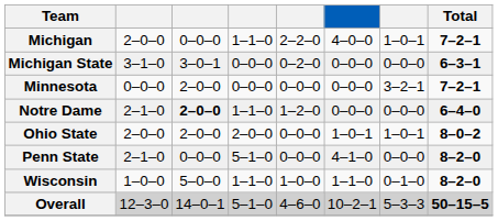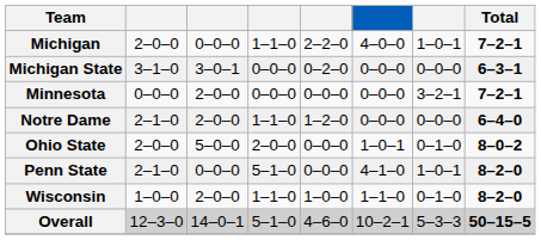 <table class="wikitable" style="text-align: center;">
 <tr>
 <th>Team</th>
 <th><a href='#'></a></th>
 <th><a href='#'></a></th>
 <th><a href='#'></a></th>
 <th><a href='#'></a></th>
 <th style="color:white; background:#005EB8"><a href='#'></a></th>
 <th><a href='#'></a></th>
 <th>Total</th>
 </tr>
 <tr>
 <th>Michigan</th>
 <td>2–0–0</td>
 <td>0–0–0</td>
 <td>1–1–0</td>
 <td>2–2–0</td>
 <td>4–0–0</td>
 <td>1–0–1</td>
 <td><strong>7–2–1</strong></td>
 </tr>
 <tr bgcolor=f0f0f0>
 <th>Michigan State</th>
 <td>3–1–0</td>
 <td>3–0–1</td>
 <td>0–0–0</td>
 <td>0–2–0</td>
 <td>0–0–0</td>
 <td>0–0–0</td>
 <td><strong>6–3–1</strong></td>
 </tr>
 <tr>
 <th>Minnesota</th>
 <td>0–0–0</td>
 <td>2–0–0</td>
 <td>0–0–0</td>
 <td>0–0–0</td>
 <td>0–0–0</td>
 <td>3–2–1</td>
 <td><strong>7–2–1</strong></td>
 </tr>
 <tr bgcolor=f0f0f0>
 <th>Notre Dame</th>
 <td>2–1–0</td>
-<td><strong>2–0–0</strong></td>
+<td>2–0–0</td>
 <td>1–1–0</td>
 <td>1–2–0</td>
 <td>0–0–0</td>
 <td>0–0–0</td>
 <td><strong>6–4–0</strong></td>
 </tr>
 <tr>
 <th>Ohio State</th>
 <td>2–0–0</td>
-<td>2–0–0</td>
+<td>5–0–0</td>
 <td>2–0–0</td>
 <td>0–0–0</td>
 <td>1–0–1</td>
-<td>1–0–1</td>
+<td>0–1–0</td>
 <td><strong>8–0–2</strong></td>
 </tr>
 <tr bgcolor=f0f0f0>
 <th>Penn State</th>
 <td>2–1–0</td>
 <td>0–0–0</td>
 <td>5–1–0</td>
 <td>0–0–0</td>
 <td>4–1–0</td>
-<td>0–0–0</td>
+<td>1–0–1</td>
 <td><strong>8–2–0</strong></td>
 </tr>
 <tr>
 <th>Wisconsin</th>
 <td>1–0–0</td>
-<td>5–0–0</td>
+<td>2–0–0</td>
 <td>1–1–0</td>
 <td>1–0–0</td>
 <td>1–1–0</td>
 <td>0–1–0</td>
 <td><strong>8–2–0</strong></td>
 </tr>
 <tr bgcolor=d0d0d0>
 <th>Overall</th>
 <td>12–3–0</td>
 <td>14–0–1</td>
 <td>5–1–0</td>
 <td>4–6–0</td>
 <td>10–2–1</td>
 <td>5–3–3</td>
 <td><strong>50–15–5</strong></td>
 </tr>
 <tr>
 </tr>
 </table>
